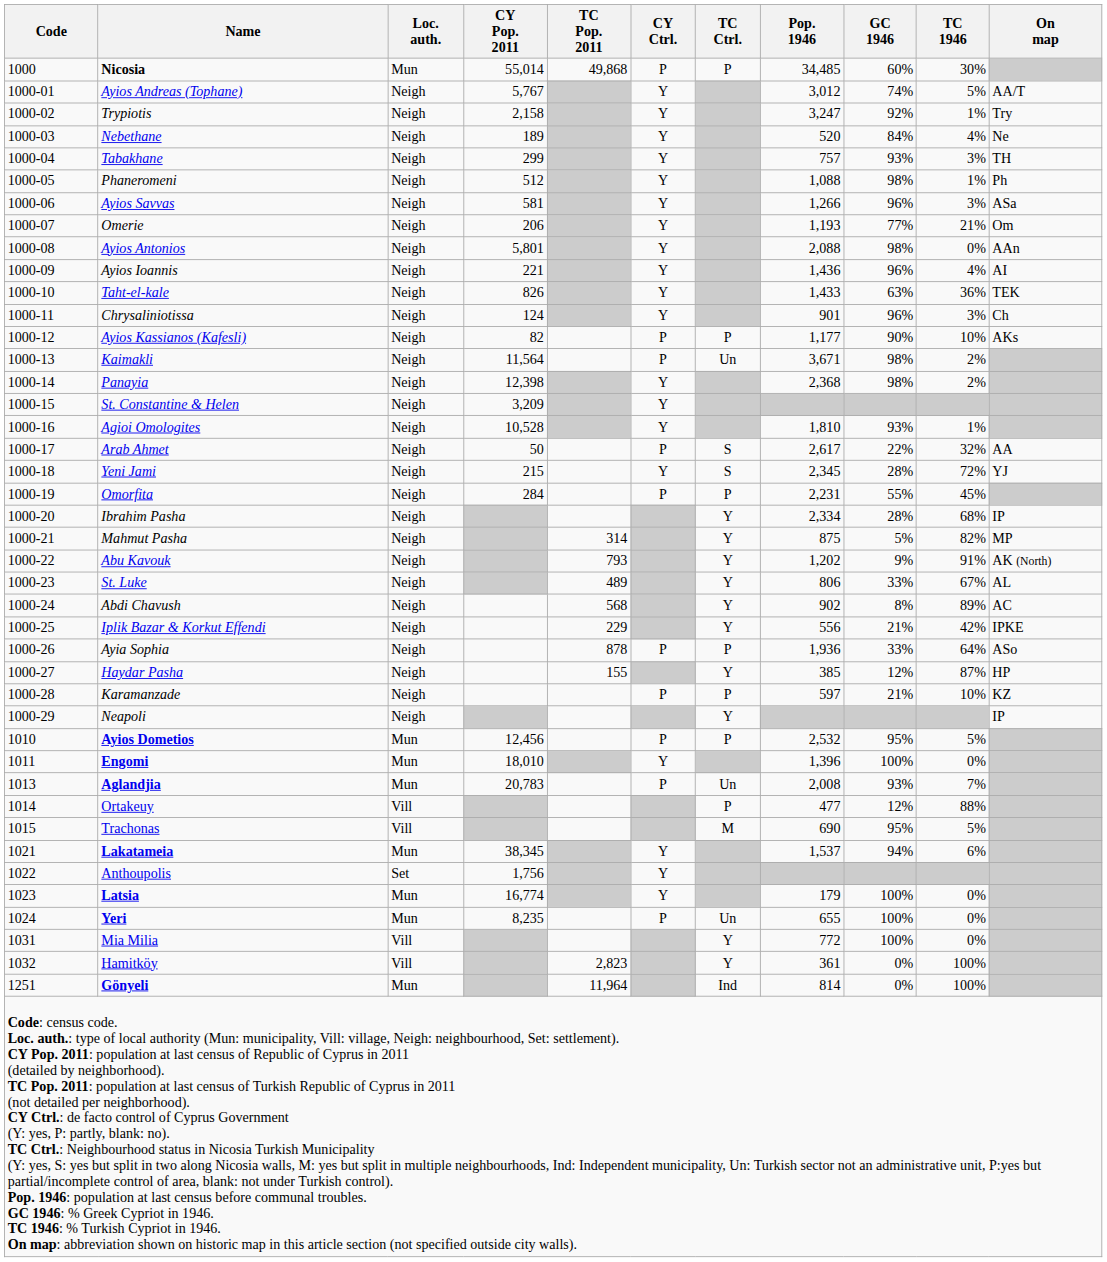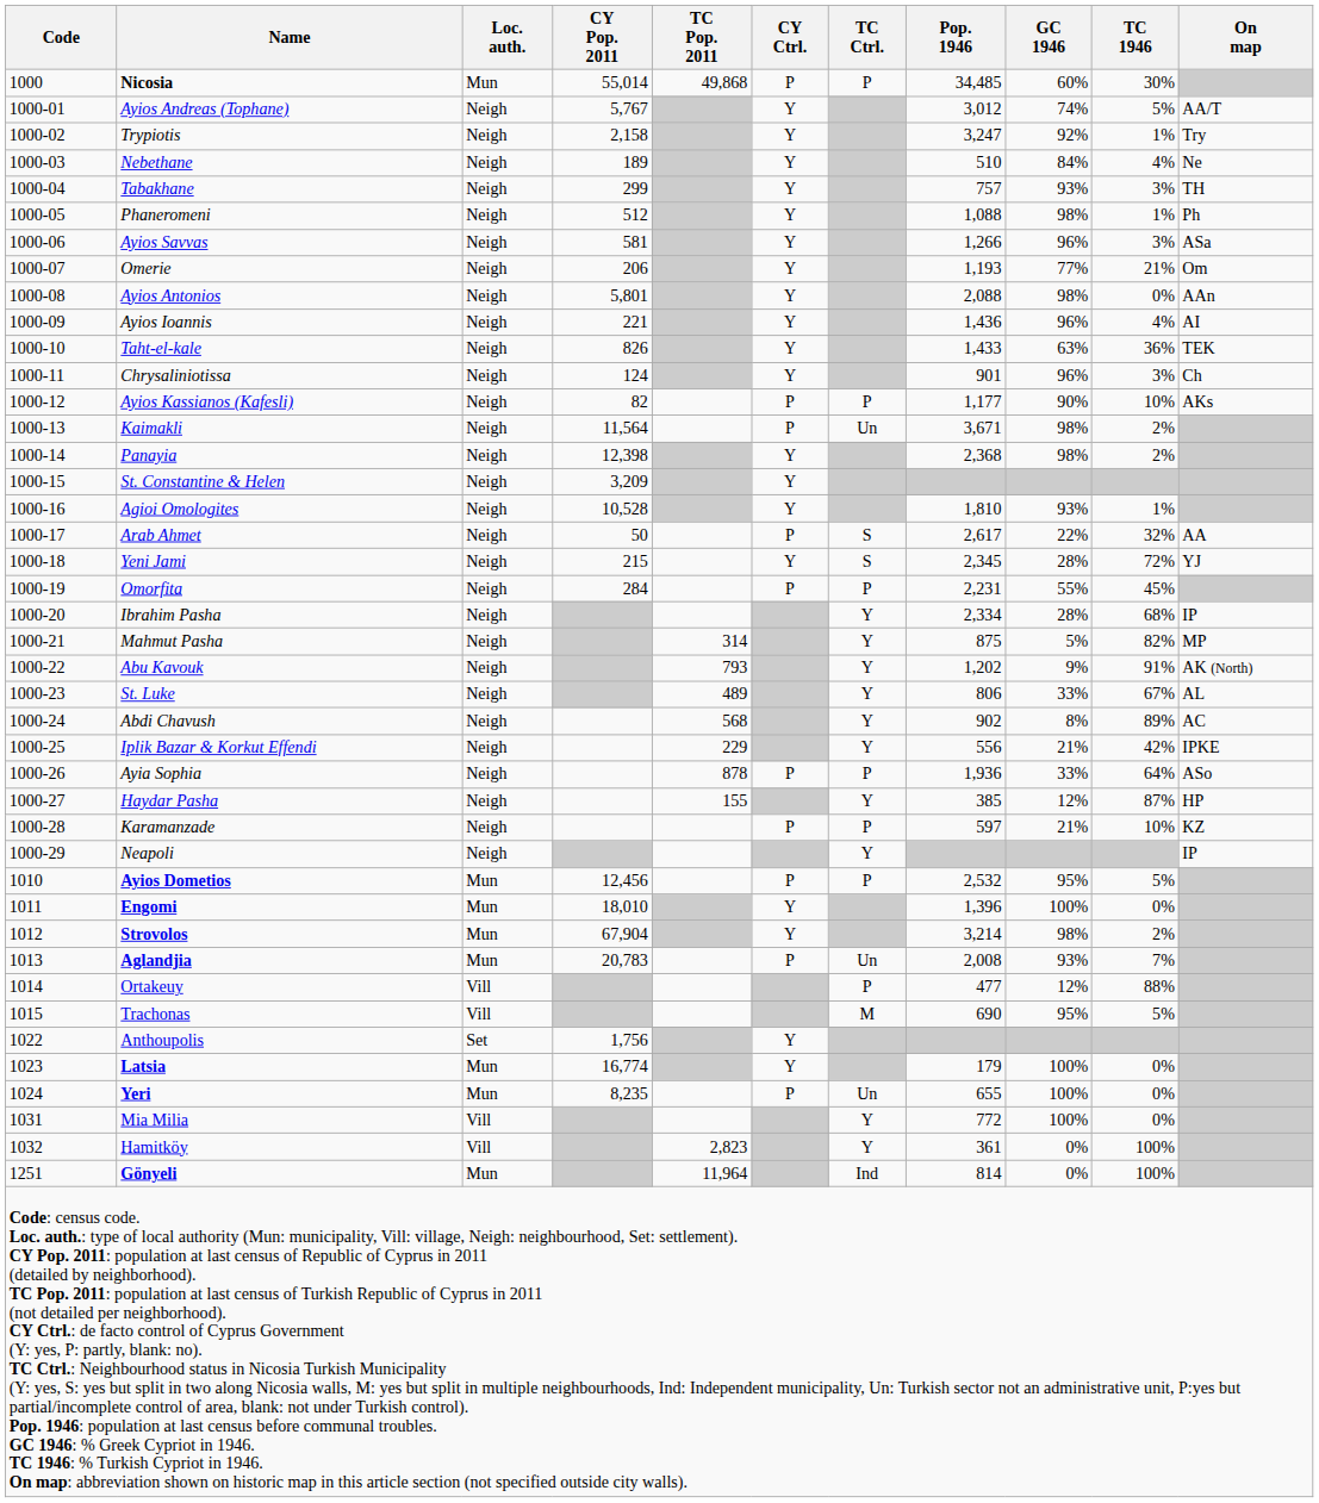 <table class="wikitable sortable">
 <tr>
 <th scope="col">Code</th>
 <th scope="col">Name</th>
 <th scope="col">Loc.<br> auth.</th>
 <th scope="col">CY<br> Pop.<br> 2011</th>
 <th scope="col">TC<br> Pop.<br> 2011</th>
 <th scope="col">CY<br> Ctrl.</th>
 <th scope="col">TC<br> Ctrl.</th>
 <th scope="col">Pop.<br> 1946</th>
 <th scope="col">GC<br> 1946</th>
 <th scope="col">TC<br> 1946</th>
 <th scope="col">On<br> map</th>
 </tr>
 <tr>
 <td align="left">1000</td>
 <td align="left"><strong>Nicosia</strong></td>
 <td align="left">Mun</td>
 <td align="right">55,014</td>
 <td align="right">49,868</td>
 <td align="center">P</td>
 <td align="center">P</td>
 <td align="right">34,485</td>
 <td align="right">60%</td>
 <td align="right">30%</td>
 <td align="left" bgcolor="#CCC"></td>
 </tr>
 <tr>
 <td align="left">1000-01</td>
 <td align="left"><em><a href='#'>Ayios Andreas (Tophane)</a></em></td>
 <td align="left">Neigh</td>
 <td align="right">5,767</td>
 <td align="right" bgcolor="#CCC"></td>
 <td align="center">Y</td>
 <td align="center" bgcolor="#CCC"></td>
 <td align="right">3,012</td>
 <td align="right">74%</td>
 <td align="right">5%</td>
 <td align="left">AA/T</td>
 </tr>
 <tr>
 <td align="left">1000-02</td>
 <td align="left"><em>Trypiotis</em></td>
 <td align="left">Neigh</td>
 <td align="right">2,158</td>
 <td align="right" bgcolor="#CCC"></td>
 <td align="center">Y</td>
 <td align="center" bgcolor="#CCC"></td>
 <td align="right">3,247</td>
 <td align="right">92%</td>
 <td align="right">1%</td>
 <td align="left">Try</td>
 </tr>
 <tr>
 <td align="left">1000-03</td>
 <td align="left"><em><a href='#'>Nebethane</a></em></td>
 <td align="left">Neigh</td>
 <td align="right">189</td>
 <td align="right" bgcolor="#CCC"></td>
 <td align="center">Y</td>
 <td align="center" bgcolor="#CCC"></td>
-<td align="right">520</td>
+<td align="right">510</td>
 <td align="right">84%</td>
 <td align="right">4%</td>
 <td align="left">Ne</td>
 </tr>
 <tr>
 <td align="left">1000-04</td>
 <td align="left"><em><a href='#'>Tabakhane</a></em></td>
 <td align="left">Neigh</td>
 <td align="right">299</td>
 <td align="right" bgcolor="#CCC"></td>
 <td align="center">Y</td>
 <td align="center" bgcolor="#CCC"></td>
 <td align="right">757</td>
 <td align="right">93%</td>
 <td align="right">3%</td>
 <td align="left">TH</td>
 </tr>
 <tr>
 <td align="left">1000-05</td>
 <td align="left"><em>Phaneromeni</em></td>
 <td align="left">Neigh</td>
 <td align="right">512</td>
 <td align="right" bgcolor="#CCC"></td>
 <td align="center">Y</td>
 <td align="center" bgcolor="#CCC"></td>
 <td align="right">1,088</td>
 <td align="right">98%</td>
 <td align="right">1%</td>
 <td align="left">Ph</td>
 </tr>
 <tr>
 <td align="left">1000-06</td>
 <td align="left"><em><a href='#'>Ayios Savvas</a></em></td>
 <td align="left">Neigh</td>
 <td align="right">581</td>
 <td align="right" bgcolor="#CCC"></td>
 <td align="center">Y</td>
 <td align="center" bgcolor="#CCC"></td>
 <td align="right">1,266</td>
 <td align="right">96%</td>
 <td align="right">3%</td>
 <td align="left">ASa</td>
 </tr>
 <tr>
 <td align="left">1000-07</td>
 <td align="left"><em>Omerie</em></td>
 <td align="left">Neigh</td>
 <td align="right">206</td>
 <td align="right" bgcolor="#CCC"></td>
 <td align="center">Y</td>
 <td align="center" bgcolor="#CCC"></td>
 <td align="right">1,193</td>
 <td align="right">77%</td>
 <td align="right">21%</td>
 <td align="left">Om</td>
 </tr>
 <tr>
 <td align="left">1000-08</td>
 <td align="left"><em><a href='#'>Ayios Antonios</a></em></td>
 <td align="left">Neigh</td>
 <td align="right">5,801</td>
 <td align="right" bgcolor="#CCC"></td>
 <td align="center">Y</td>
 <td align="center" bgcolor="#CCC"></td>
 <td align="right">2,088</td>
 <td align="right">98%</td>
 <td align="right">0%</td>
 <td align="left">AAn</td>
 </tr>
 <tr>
 <td align="left">1000-09</td>
 <td align="left"><em>Ayios Ioannis</em></td>
 <td align="left">Neigh</td>
 <td align="right">221</td>
 <td align="right" bgcolor="#CCC"></td>
 <td align="center">Y</td>
 <td align="center" bgcolor="#CCC"></td>
 <td align="right">1,436</td>
 <td align="right">96%</td>
 <td align="right">4%</td>
 <td align="left">AI</td>
 </tr>
 <tr>
 <td align="left">1000-10</td>
 <td align="left"><em><a href='#'>Taht-el-kale</a></em></td>
 <td align="left">Neigh</td>
 <td align="right">826</td>
 <td align="right" bgcolor="#CCC"></td>
 <td align="center">Y</td>
 <td align="center" bgcolor="#CCC"></td>
 <td align="right">1,433</td>
 <td align="right">63%</td>
 <td align="right">36%</td>
 <td align="left">TEK</td>
 </tr>
 <tr>
 <td align="left">1000-11</td>
 <td align="left"><em>Chrysaliniotissa</em></td>
 <td align="left">Neigh</td>
 <td align="right">124</td>
 <td align="right" bgcolor="#CCC"></td>
 <td align="center">Y</td>
 <td align="center" bgcolor="#CCC"></td>
 <td align="right">901</td>
 <td align="right">96%</td>
 <td align="right">3%</td>
 <td align="left">Ch</td>
 </tr>
 <tr>
 <td align="left">1000-12</td>
 <td align="left"><em><a href='#'>Ayios Kassianos (Kafesli)</a></em></td>
 <td align="left">Neigh</td>
 <td align="right">82</td>
 <td align="right"></td>
 <td align="center">P</td>
 <td align="center">P</td>
 <td align="right">1,177</td>
 <td align="right">90%</td>
 <td align="right">10%</td>
 <td align="left">AKs</td>
 </tr>
 <tr>
 <td align="left">1000-13</td>
 <td align="left"><em><a href='#'>Kaimakli</a></em></td>
 <td align="left">Neigh</td>
 <td align="right">11,564</td>
 <td align="right"></td>
 <td align="center">P</td>
 <td align="center">Un</td>
 <td align="right">3,671</td>
 <td align="right">98%</td>
 <td align="right">2%</td>
 <td align="left" bgcolor="#CCC"></td>
 </tr>
 <tr>
 <td align="left">1000-14</td>
 <td align="left"><em><a href='#'>Panayia</a></em></td>
 <td align="left">Neigh</td>
 <td align="right">12,398</td>
 <td align="right" bgcolor="#CCC"></td>
 <td align="center">Y</td>
 <td align="center" bgcolor="#CCC"></td>
 <td align="right">2,368</td>
 <td align="right">98%</td>
 <td align="right">2%</td>
 <td align="left" bgcolor="#CCC"></td>
 </tr>
 <tr>
 <td align="left">1000-15</td>
 <td align="left"><em><a href='#'>St. Constantine & Helen</a></em></td>
 <td align="left">Neigh</td>
 <td align="right">3,209</td>
 <td align="right" bgcolor="#CCC"></td>
 <td align="center">Y</td>
 <td align="center" bgcolor="#CCC"></td>
 <td align="right" bgcolor="#CCC"></td>
 <td align="right" bgcolor="#CCC"></td>
 <td align="right" bgcolor="#CCC"></td>
 <td align="left" bgcolor="#CCC"></td>
 </tr>
 <tr>
 <td align="left">1000-16</td>
 <td align="left"><em><a href='#'>Agioi Omologites</a></em></td>
 <td align="left">Neigh</td>
 <td align="right">10,528</td>
 <td align="right" bgcolor="#CCC"></td>
 <td align="center">Y</td>
 <td align="center" bgcolor="#CCC"></td>
 <td align="right">1,810</td>
 <td align="right">93%</td>
 <td align="right">1%</td>
 <td align="left" bgcolor="#CCC"></td>
 </tr>
 <tr>
 <td align="left">1000-17</td>
 <td align="left"><em><a href='#'>Arab Ahmet</a></em></td>
 <td align="left">Neigh</td>
 <td align="right">50</td>
 <td align="right"></td>
 <td align="center">P</td>
 <td align="center">S</td>
 <td align="right">2,617</td>
 <td align="right">22%</td>
 <td align="right">32%</td>
 <td align="left">AA</td>
 </tr>
 <tr>
 <td align="left">1000-18</td>
 <td valign="left"><em><a href='#'>Yeni Jami</a></em></td>
 <td align="left">Neigh</td>
 <td align="right">215</td>
 <td align="right"></td>
 <td align="center">Y</td>
 <td align="center">S</td>
 <td align="right">2,345</td>
 <td align="right">28%</td>
 <td align="right">72%</td>
 <td align="left">YJ</td>
 </tr>
 <tr>
 <td align="left">1000-19</td>
 <td align="left"><em><a href='#'>Omorfita</a></em></td>
 <td align="left">Neigh</td>
 <td align="right">284</td>
 <td align="right"></td>
 <td align="center">P</td>
 <td align="center">P</td>
 <td align="right">2,231</td>
 <td align="right">55%</td>
 <td align="right">45%</td>
 <td align="left" bgcolor="#CCC"></td>
 </tr>
 <tr>
 <td align="left">1000-20</td>
 <td align="left"><em>Ibrahim Pasha</em></td>
 <td align="left">Neigh</td>
 <td align="right" bgcolor="#CCC"></td>
 <td align="right"></td>
 <td align="center" bgcolor="#CCC"></td>
 <td align="center">Y</td>
 <td align="right">2,334</td>
 <td align="right">28%</td>
 <td align="right">68%</td>
 <td align="left">IP</td>
 </tr>
 <tr>
 <td align="left">1000-21</td>
 <td align="left"><em>Mahmut Pasha</em></td>
 <td align="left">Neigh</td>
 <td align="right" bgcolor="#CCC"></td>
 <td align="right">314</td>
 <td align="center" bgcolor="#CCC"></td>
 <td align="center">Y</td>
 <td align="right">875</td>
 <td align="right">5%</td>
 <td align="right">82%</td>
 <td align="left">MP</td>
 </tr>
 <tr>
 <td align="left">1000-22</td>
 <td align="left"><em><a href='#'>Abu Kavouk</a></em></td>
 <td align="left">Neigh</td>
 <td align="right" bgcolor="#CCC"></td>
 <td align="right">793</td>
 <td align="center" bgcolor="#CCC"></td>
 <td align="center">Y</td>
 <td align="right">1,202</td>
 <td align="right">9%</td>
 <td align="right">91%</td>
 <td align="left">AK <small>(North)</small></td>
 </tr>
 <tr>
 <td align="left">1000-23</td>
 <td align="left"><em><a href='#'>St. Luke</a></em></td>
 <td align="left">Neigh</td>
 <td align="right" bgcolor="#CCC"></td>
 <td align="right">489</td>
 <td align="center" bgcolor="#CCC"></td>
 <td align="center">Y</td>
 <td align="right">806</td>
 <td align="right">33%</td>
 <td align="right">67%</td>
 <td align="left">AL</td>
 </tr>
 <tr>
 <td align="left">1000-24</td>
 <td align="left"><em>Abdi Chavush</em></td>
 <td align="left">Neigh</td>
 <td align="right"></td>
 <td align="right">568</td>
 <td align="center" bgcolor="#CCC"></td>
 <td align="center">Y</td>
 <td align="right">902</td>
 <td align="right">8%</td>
 <td align="right">89%</td>
 <td align="left">AC</td>
 </tr>
 <tr>
 <td align="left">1000-25</td>
 <td align="left"><em><a href='#'>Iplik Bazar & Korkut Effendi</a></em></td>
 <td align="left">Neigh</td>
 <td align="right"></td>
 <td align="right">229</td>
 <td align="center" bgcolor="#CCC"></td>
 <td align="center">Y</td>
 <td align="right">556</td>
 <td align="right">21%</td>
 <td align="right">42%</td>
 <td align="left">IPKE</td>
 </tr>
 <tr>
 <td align="left">1000-26</td>
 <td align="left"><em>Ayia Sophia</em></td>
 <td align="left">Neigh</td>
 <td align="right"></td>
 <td align="right">878</td>
 <td align="center">P</td>
 <td align="center">P</td>
 <td align="right">1,936</td>
 <td align="right">33%</td>
 <td align="right">64%</td>
 <td align="left">ASo</td>
 </tr>
 <tr>
 <td align="left">1000-27</td>
 <td align="left"><em><a href='#'>Haydar Pasha</a></em></td>
 <td align="left">Neigh</td>
 <td align="right"></td>
 <td align="right">155</td>
 <td align="center" bgcolor="#CCC"></td>
 <td align="center">Y</td>
 <td align="right">385</td>
 <td align="right">12%</td>
 <td align="right">87%</td>
 <td align="left">HP</td>
 </tr>
 <tr>
 <td align="left">1000-28</td>
 <td align="left"><em>Karamanzade</em></td>
 <td align="left">Neigh</td>
 <td align="right"></td>
 <td align="right"></td>
 <td align="center">P</td>
 <td align="center">P</td>
 <td align="right">597</td>
 <td align="right">21%</td>
 <td align="right">10%</td>
 <td align="left">KZ</td>
 </tr>
 <tr>
 <td align="left">1000-29</td>
 <td align="left"><em>Neapoli</em></td>
 <td align="left">Neigh</td>
 <td align="right" bgcolor="#CCC"></td>
 <td align="right"></td>
 <td align="center" bgcolor="#CCC"></td>
 <td align="center">Y</td>
 <td align="right" bgcolor="#CCC"></td>
 <td align="right" bgcolor="#CCC"></td>
 <td align="right" bgcolor="#CCC"></td>
 <td align="left">IP</td>
 </tr>
 <tr>
 <td align="left">1010</td>
 <td align="left"><strong><a href='#'>Ayios Dometios</a></strong></td>
 <td align="left">Mun</td>
 <td align="right">12,456</td>
 <td align="right"></td>
 <td align="center">P</td>
 <td align="center">P</td>
 <td align="right">2,532</td>
 <td align="right">95%</td>
 <td align="right">5%</td>
 <td align="left" bgcolor="#CCC"></td>
 </tr>
 <tr>
 <td align="left">1011</td>
 <td align="left"><strong><a href='#'>Engomi</a></strong></td>
 <td align="left">Mun</td>
 <td align="right">18,010</td>
 <td align="right" bgcolor="#CCC"></td>
 <td align="center">Y</td>
 <td align="center" bgcolor="#CCC"></td>
 <td align="right">1,396</td>
 <td align="right">100%</td>
 <td align="right">0%</td>
 <td align="left" bgcolor="#CCC"></td>
 </tr>
 <tr>
+<td align="left">1012</td>
+<td align="left"><strong><a href='#'>Strovolos</a></strong></td>
+<td align="left">Mun</td>
+<td align="right">67,904</td>
+<td align="right" bgcolor="#CCC"></td>
+<td align="center">Y</td>
+<td align="center" bgcolor="#CCC"></td>
+<td align="right">3,214</td>
+<td align="right">98%</td>
+<td align="right">2%</td>
+<td align="left" bgcolor="#CCC"></td>
+</tr>
+<tr>
 <td align="left">1013</td>
 <td align="left"><strong><a href='#'>Aglandjia</a></strong></td>
 <td align="left">Mun</td>
 <td align="right">20,783</td>
 <td align="right"></td>
 <td align="center">P</td>
 <td align="center">Un</td>
 <td align="right">2,008</td>
 <td align="right">93%</td>
 <td align="right">7%</td>
 <td align="left" bgcolor="#CCC"></td>
 </tr>
 <tr>
 <td align="left">1014</td>
 <td align="left"><a href='#'>Ortakeuy</a></td>
 <td align="left">Vill</td>
 <td align="right" bgcolor="#CCC"></td>
 <td align="right"></td>
 <td align="center" bgcolor="#CCC"></td>
 <td align="center">P</td>
 <td align="right">477</td>
 <td align="right">12%</td>
 <td align="right">88%</td>
 <td align="left" bgcolor="#CCC"></td>
 </tr>
 <tr>
 <td align="left">1015</td>
 <td align="left"><a href='#'>Trachonas</a></td>
 <td align="left">Vill</td>
 <td align="right" bgcolor="#CCC"></td>
 <td align="right"></td>
 <td align="center" bgcolor="#CCC"></td>
 <td align="center">M</td>
 <td align="right">690</td>
 <td align="right">95%</td>
 <td align="right">5%</td>
-<td align="left" bgcolor="#CCC"></td>
-</tr>
-<tr>
-<td align="left">1021</td>
-<td align="left"><strong><a href='#'>Lakatameia</a></strong></td>
-<td align="left">Mun</td>
-<td align="right">38,345</td>
-<td align="right" bgcolor="#CCC"></td>
-<td align="center">Y</td>
-<td align="center" bgcolor="#CCC"></td>
-<td align="right">1,537</td>
-<td align="right">94%</td>
-<td align="right">6%</td>
 <td align="left" bgcolor="#CCC"></td>
 </tr>
 <tr>
 <td align="left">1022</td>
 <td align="left"><a href='#'>Anthoupolis</a></td>
 <td align="left">Set</td>
 <td align="right">1,756</td>
 <td align="right" bgcolor="#CCC"></td>
 <td align="center">Y</td>
 <td align="center" bgcolor="#CCC"></td>
 <td align="right" bgcolor="#CCC"></td>
 <td align="right" bgcolor="#CCC"></td>
 <td align="right" bgcolor="#CCC"></td>
 <td align="left" bgcolor="#CCC"></td>
 </tr>
 <tr>
 <td align="left">1023</td>
 <td align="left"><strong><a href='#'>Latsia</a></strong></td>
 <td align="left">Mun</td>
 <td align="right">16,774</td>
 <td align="right" bgcolor="#CCC"></td>
 <td align="center">Y</td>
 <td align="center" bgcolor="#CCC"></td>
 <td align="right">179</td>
 <td align="right">100%</td>
 <td align="right">0%</td>
 <td align="left" bgcolor="#CCC"></td>
 </tr>
 <tr>
 <td align="left">1024</td>
 <td valign="left"><strong><a href='#'>Yeri</a></strong></td>
 <td align="left">Mun</td>
 <td align="right">8,235</td>
 <td align="right"></td>
 <td align="center">P</td>
 <td align="center">Un</td>
 <td align="right">655</td>
 <td align="right">100%</td>
 <td align="right">0%</td>
 <td align="left" bgcolor="#CCC"></td>
 </tr>
 <tr>
 <td align="left">1031</td>
 <td align="left"><a href='#'>Mia Milia</a></td>
 <td align="left">Vill</td>
 <td align="right" bgcolor="#CCC"></td>
 <td align="right"></td>
 <td align="center" bgcolor="#CCC"></td>
 <td align="center">Y</td>
 <td align="right">772</td>
 <td align="right">100%</td>
 <td align="right">0%</td>
 <td align="left" bgcolor="#CCC"></td>
 </tr>
 <tr>
 <td align="left">1032</td>
 <td align="left"><a href='#'>Hamitköy</a></td>
 <td align="left">Vill</td>
 <td align="right" bgcolor="#CCC"></td>
 <td align="right">2,823</td>
 <td align="center" bgcolor="#CCC"></td>
 <td align="center">Y</td>
 <td align="right">361</td>
 <td align="right">0%</td>
 <td align="right">100%</td>
 <td align="left" bgcolor="#CCC"></td>
 </tr>
 <tr>
 <td align="left">1251</td>
 <td align="left"><strong><a href='#'>Gönyeli</a></strong></td>
 <td align="left">Mun</td>
 <td align="right" bgcolor="#CCC"></td>
 <td align="right">11,964</td>
 <td align="center" bgcolor="#CCC"></td>
 <td align="center">Ind</td>
 <td align="right">814</td>
 <td align="right">0%</td>
 <td align="right">100%</td>
 <td align="left" bgcolor="#CCC"></td>
 </tr>
 <tr class="sortbottom">
 <td scope="col" colspan="11" style="text-align:left"><br><strong>Code</strong>: census code.<br> <strong>Loc. auth.</strong>: type of local authority (Mun: municipality, Vill: village, Neigh: neighbourhood, Set: settlement).<br> <strong>CY Pop. 2011</strong>: population at last census of Republic of Cyprus in 2011<br> (detailed by neighborhood).<br> <strong>TC Pop. 2011</strong>: population at last census of Turkish Republic of Cyprus in 2011<br> (not detailed per neighborhood).<br> <strong>CY Ctrl.</strong>: de facto control of Cyprus Government<br> (Y: yes, P: partly, blank: no).<br> <strong>TC Ctrl.</strong>: Neighbourhood status in Nicosia Turkish Municipality<br> (Y: yes, S: yes but split in two along Nicosia walls, M: yes but split in multiple neighbourhoods, Ind: Independent municipality, Un: Turkish sector not an administrative unit, P:yes but partial/incomplete control of area, blank: not under Turkish control).<br> <strong>Pop. 1946</strong>: population at last census before communal troubles.<br> <strong>GC 1946</strong>: % Greek Cypriot in 1946.<br> <strong>TC 1946</strong>: % Turkish Cypriot in 1946.<br> <strong>On map</strong>: abbreviation shown on historic map in this article section (not specified outside city walls).</td>
 </tr>
 </table>
